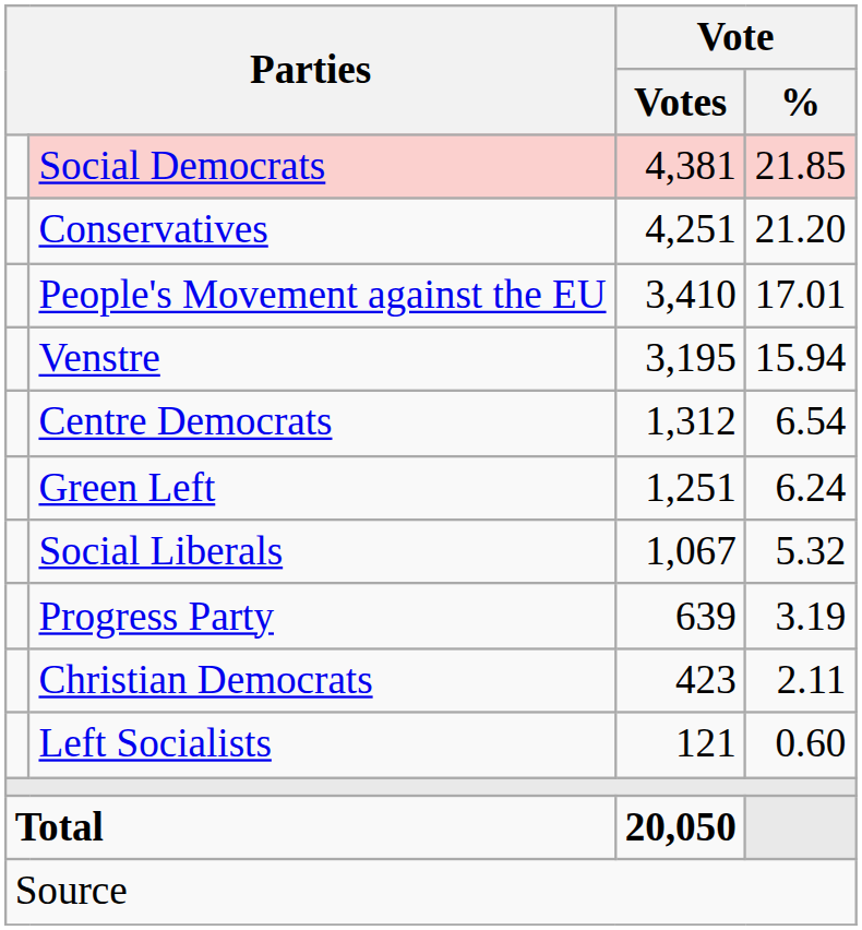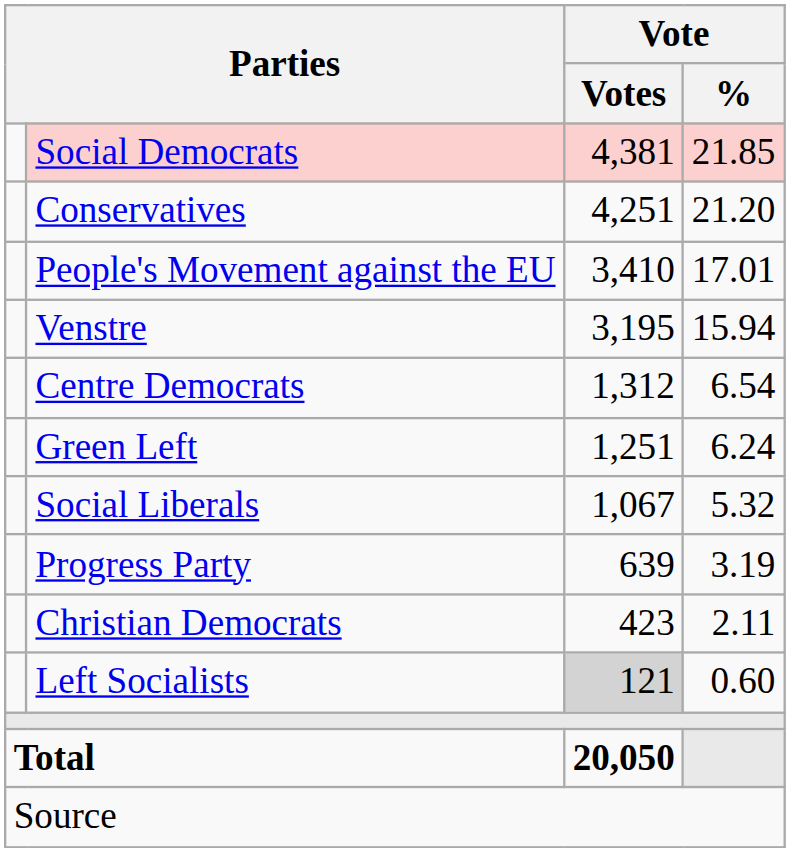 <table class="wikitable" style="text-align:right;">
 <tr>
 <th style="text-align:centre;" rowspan="2" colspan="2" width="225">Parties</th>
 <th colspan="3">Vote</th>
 </tr>
 <tr>
 <th width="15">Votes</th>
 <th width="15">%</th>
 </tr>
 <tr>
 <td width="2" style="color:inherit;background:"></td>
 <td bgcolor=#fbd0ce   align="left"><a href='#'>Social Democrats</a></td>
 <td bgcolor=#fbd0ce>4,381</td>
 <td bgcolor=#fbd0ce>21.85</td>
 </tr>
 <tr>
 <td width="2" style="color:inherit;background:"></td>
 <td align="left"><a href='#'>Conservatives</a></td>
 <td>4,251</td>
 <td>21.20</td>
 </tr>
 <tr>
 <td width="2" style="color:inherit;background:"></td>
 <td align="left"><a href='#'>People's Movement against the EU</a></td>
 <td>3,410</td>
 <td>17.01</td>
 </tr>
 <tr>
 <td width="2" style="color:inherit;background:"></td>
 <td align="left"><a href='#'>Venstre</a></td>
 <td>3,195</td>
 <td>15.94</td>
 </tr>
 <tr>
 <td width="2" style="color:inherit;background:"></td>
 <td align="left"><a href='#'>Centre Democrats</a></td>
 <td>1,312</td>
 <td>6.54</td>
 </tr>
 <tr>
 <td width="2" style="color:inherit;background:"></td>
 <td align="left"><a href='#'>Green Left</a></td>
 <td>1,251</td>
 <td>6.24</td>
 </tr>
 <tr>
 <td width="2" style="color:inherit;background:"></td>
 <td align="left"><a href='#'>Social Liberals</a></td>
 <td>1,067</td>
 <td>5.32</td>
 </tr>
 <tr>
 <td width="2" style="color:inherit;background:"></td>
 <td align="left"><a href='#'>Progress Party</a></td>
 <td>639</td>
 <td>3.19</td>
 </tr>
 <tr>
 <td width="2" style="color:inherit;background:"></td>
 <td align="left"><a href='#'>Christian Democrats</a></td>
 <td>423</td>
 <td>2.11</td>
 </tr>
 <tr>
 <td width="2" style="color:inherit;background:"></td>
 <td align="left"><a href='#'>Left Socialists</a></td>
-<td>121</td>
+<td style="background: lightgrey;">121</td>
 <td>0.60</td>
 </tr>
 <tr>
 <td colspan="7" bgcolor="#E9E9E9"></td>
 </tr>
 <tr>
 <td align="left" colspan="2"><strong>Total</strong></td>
 <td><strong>20,050</strong></td>
 <td bgcolor="#E9E9E9" colspan="2"></td>
 </tr>
 <tr>
 <td align="left" colspan="6">Source</td>
 </tr>
 </table>
